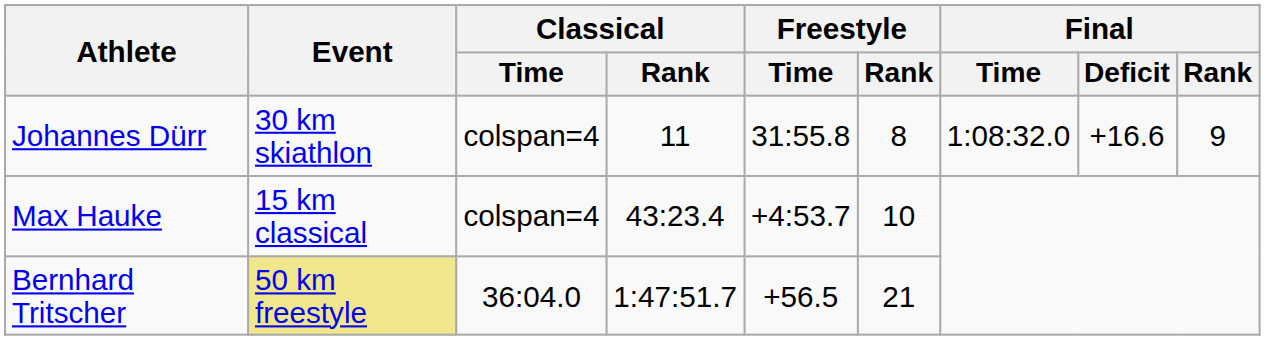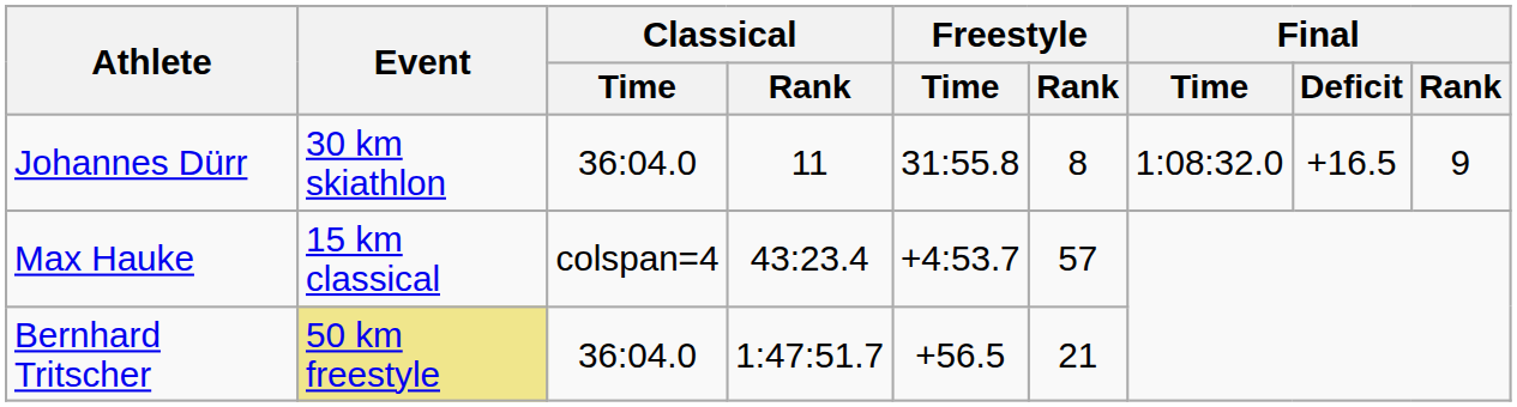 <table class="wikitable" style="font-size:90%">
 <tr>
 <th rowspan=2>Athlete</th>
 <th rowspan=2>Event</th>
 <th colspan=2>Classical</th>
 <th colspan=2>Freestyle</th>
 <th colspan=3>Final</th>
 </tr>
 <tr style="font-size: 95%">
 <th>Time</th>
 <th>Rank</th>
 <th>Time</th>
 <th>Rank</th>
 <th>Time</th>
 <th>Deficit</th>
 <th>Rank</th>
 </tr>
 <tr align=center>
 <td align=left><a href='#'>Johannes Dürr</a></td>
 <td align=left><a href='#'>30 km skiathlon</a></td>
-<td>colspan=4 </td>
+<td>36:04.0</td>
 <td>11</td>
 <td>31:55.8</td>
 <td>8</td>
 <td>1:08:32.0</td>
-<td>+16.6</td>
+<td>+16.5</td>
 <td>9</td>
 </tr>
 <tr align=center>
 <td align=left><a href='#'>Max Hauke</a></td>
 <td align=left><a href='#'>15 km classical</a></td>
 <td>colspan=4 </td>
 <td>43:23.4</td>
 <td>+4:53.7</td>
-<td>10</td>
+<td>57</td>
 </tr>
 <tr align=center>
 <td align=left><a href='#'>Bernhard Tritscher</a></td>
 <td align=left style="background: khaki;"><a href='#'>50 km freestyle</a></td>
 <td>36:04.0</td>
 <td>1:47:51.7</td>
 <td>+56.5</td>
 <td>21</td>
 </tr>
 </table>
